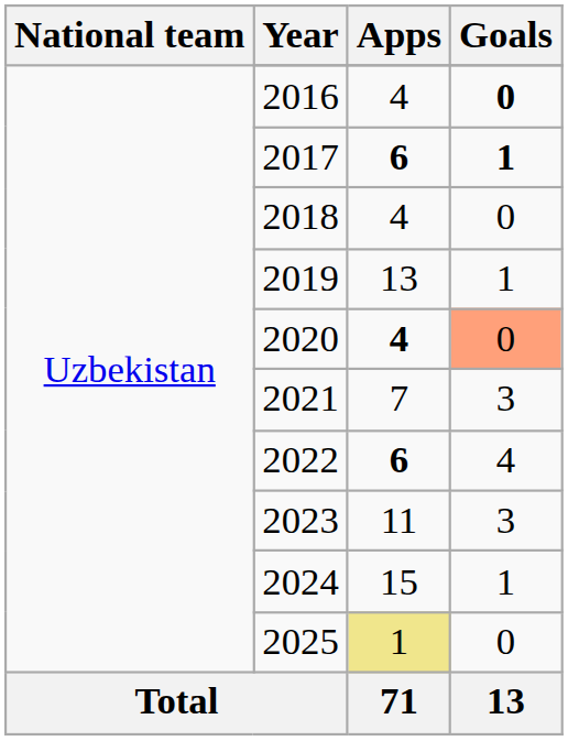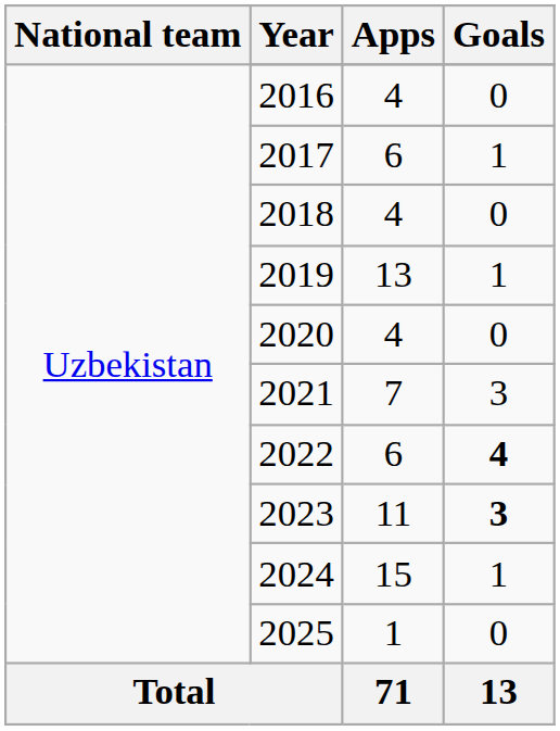 <table class="wikitable" style="text-align:center">
 <tr>
 <th>National team</th>
 <th>Year</th>
 <th>Apps</th>
 <th>Goals</th>
 </tr>
 <tr>
 <td rowspan=11><a href='#'>Uzbekistan</a></td>
 </tr>
 <tr>
 <td>2016</td>
 <td>4</td>
-<td><strong>0</strong></td>
+<td>0</td>
 </tr>
 <tr>
 <td>2017</td>
-<td><strong>6</strong></td>
-<td><strong>1</strong></td>
+<td>6</td>
+<td>1</td>
 </tr>
 <tr>
 <td>2018</td>
 <td>4</td>
 <td>0</td>
 </tr>
 <tr>
 <td>2019</td>
 <td>13</td>
 <td>1</td>
 </tr>
 <tr>
 <td>2020</td>
-<td><strong>4</strong></td>
-<td style="background: lightsalmon;">0</td>
+<td>4</td>
+<td>0</td>
 </tr>
 <tr>
 <td>2021</td>
 <td>7</td>
 <td>3</td>
 </tr>
 <tr>
 <td>2022</td>
-<td><strong>6</strong></td>
-<td>4</td>
+<td>6</td>
+<td><strong>4</strong></td>
 </tr>
 <tr>
 <td>2023</td>
 <td>11</td>
-<td>3</td>
+<td><strong>3</strong></td>
 </tr>
 <tr>
 <td>2024</td>
 <td>15</td>
 <td>1</td>
 </tr>
 <tr>
 <td>2025</td>
-<td style="background: khaki;">1</td>
+<td>1</td>
 <td>0</td>
 </tr>
 <tr>
 <th colspan=2>Total</th>
 <th>71</th>
 <th>13</th>
 </tr>
 </table>
